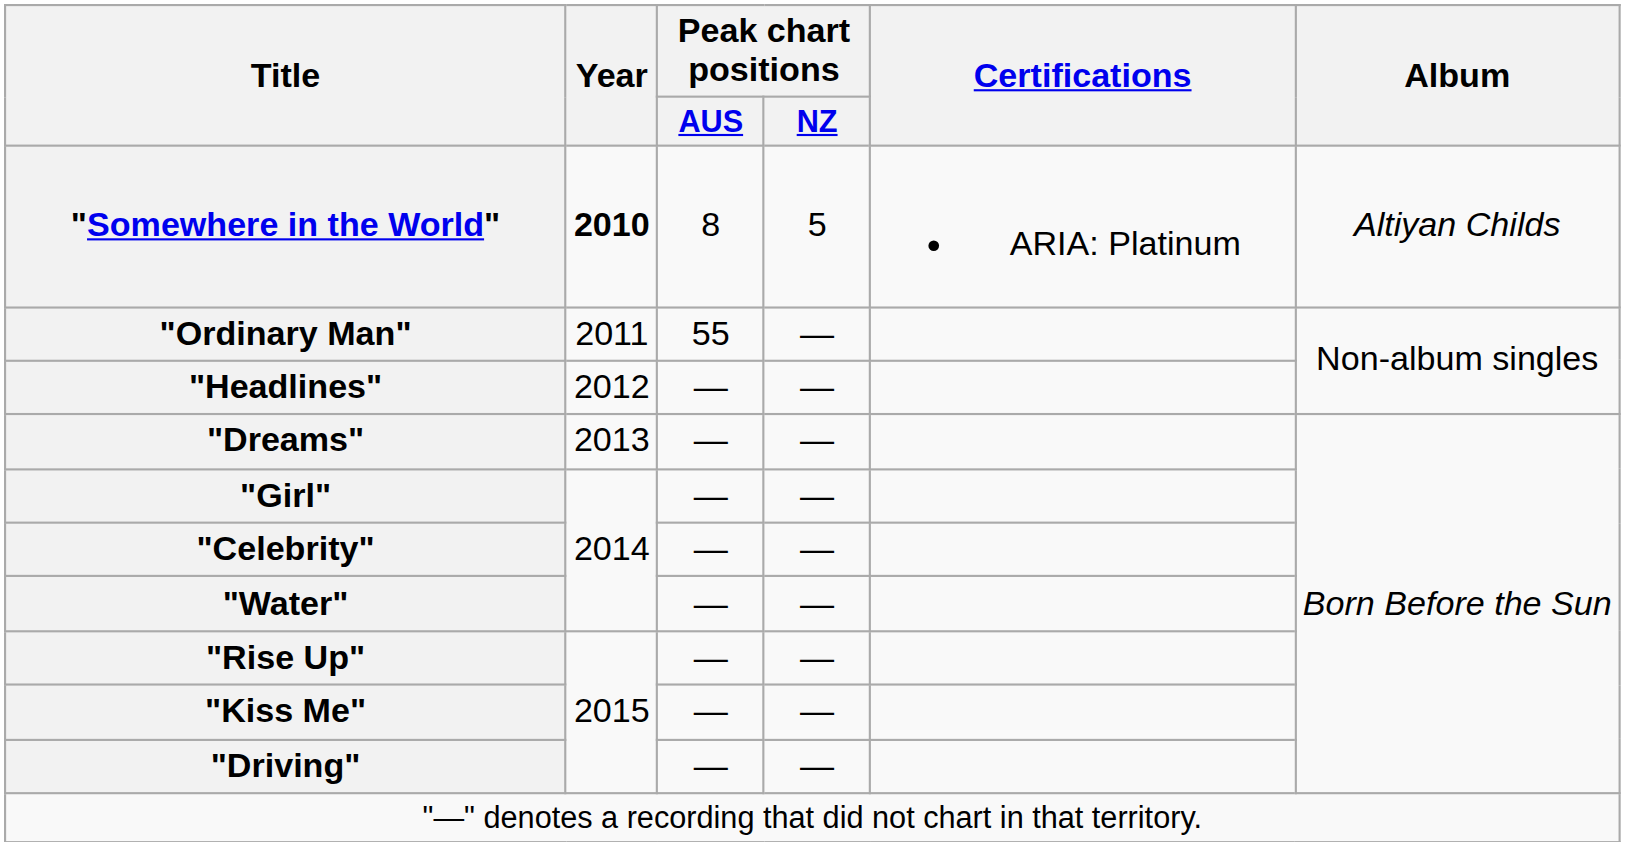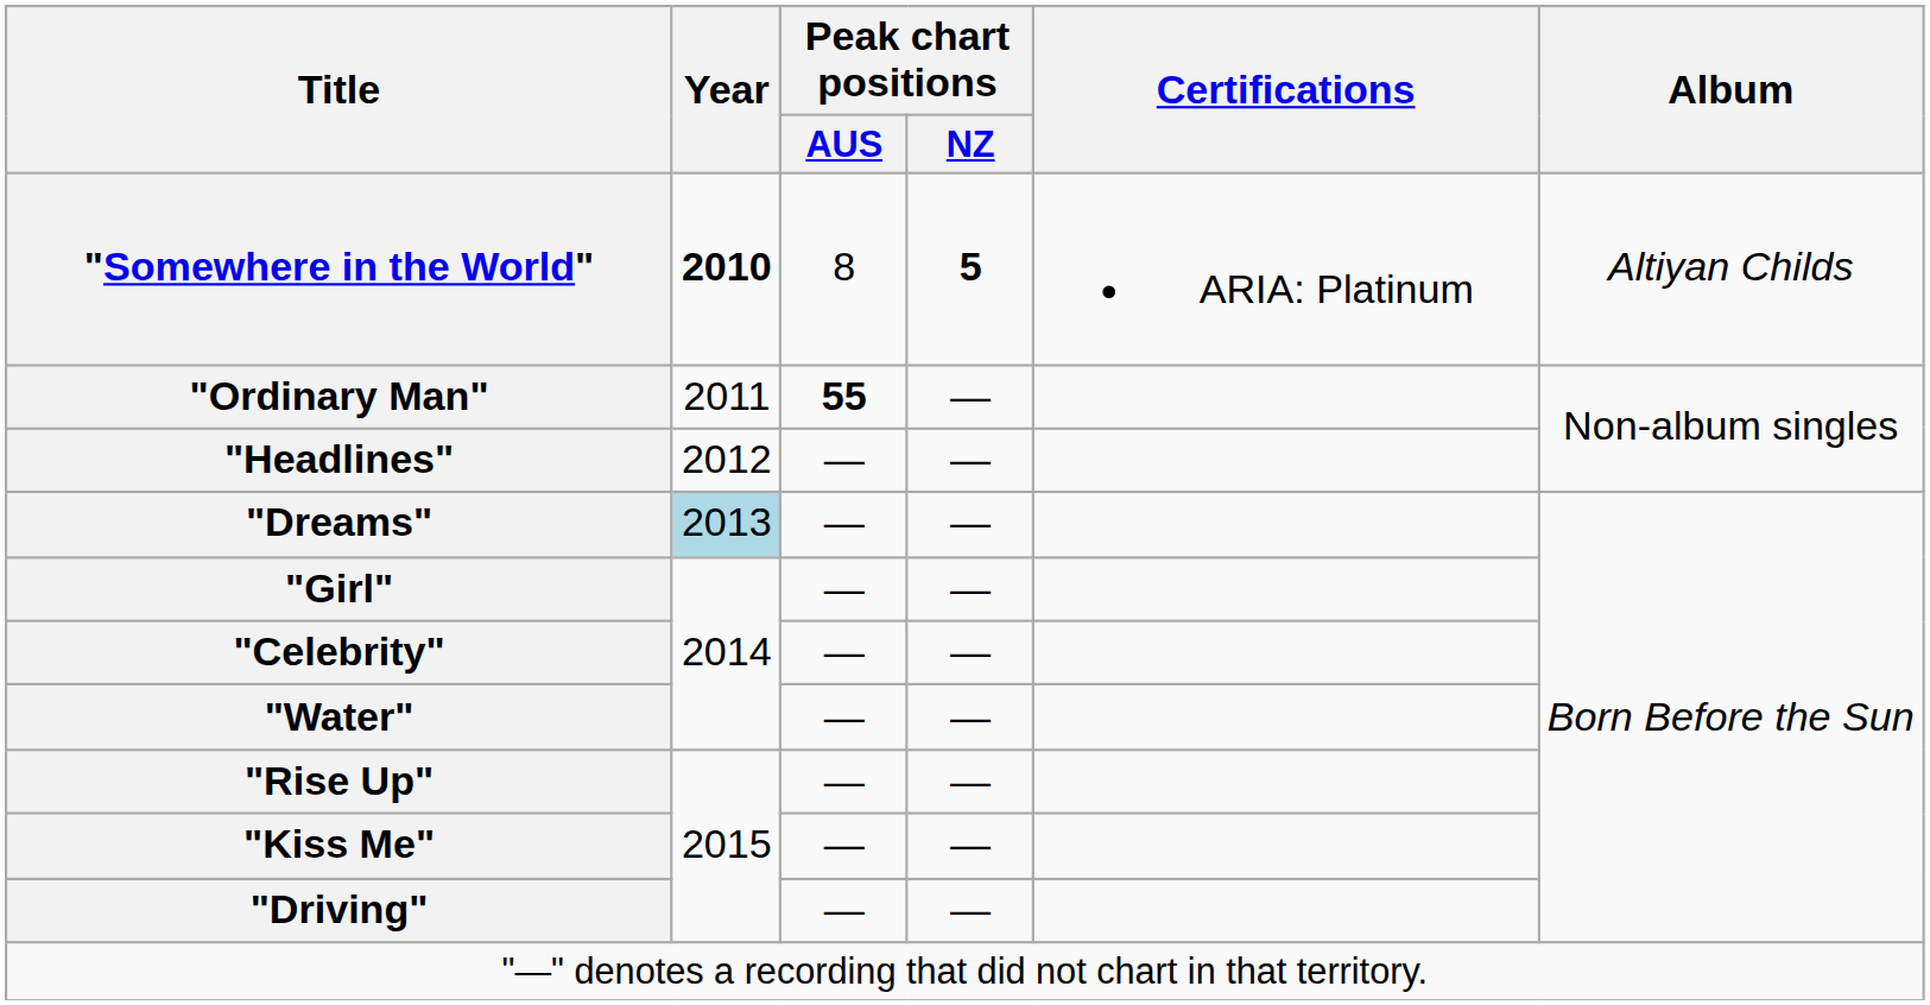 <table class="wikitable plainrowheaders" style="text-align:center;">
 <tr>
 <th scope="col" rowspan="2" style="width:16em;">Title</th>
 <th scope="col" rowspan="2">Year</th>
 <th scope="col" colspan="2">Peak chart positions</th>
 <th scope="col" rowspan="2" style="width:12em;"><a href='#'>Certifications</a></th>
 <th scope="col" rowspan="2">Album</th>
 </tr>
 <tr>
 <th scope="col" style="width:3em;font-size:90%;"><a href='#'>AUS</a><br></th>
 <th scope="col" style="width:3em;font-size:90%;"><a href='#'>NZ</a><br></th>
 </tr>
 <tr>
 <th scope="row">"<a href='#'>Somewhere in the World</a>"</th>
 <td><strong>2010</strong></td>
 <td>8</td>
-<td>5</td>
+<td><strong>5</strong></td>
 <td><br><ul><li>ARIA: Platinum</li></ul></td>
 <td><em>Altiyan Childs</em></td>
 </tr>
 <tr>
 <th scope="row">"Ordinary Man"</th>
 <td>2011</td>
-<td>55<br></td>
+<td><strong>55<br></strong></td>
 <td>—</td>
 <td></td>
 <td rowspan="2">Non-album singles</td>
 </tr>
 <tr>
 <th scope="row">"Headlines"</th>
 <td>2012</td>
 <td>—</td>
 <td>—</td>
 <td></td>
 </tr>
 <tr>
 <th scope="row">"Dreams"</th>
-<td>2013</td>
+<td style="background: lightblue;">2013</td>
 <td>—</td>
 <td>—</td>
 <td></td>
 <td rowspan="7"><em>Born Before the Sun</em></td>
 </tr>
 <tr>
 <th scope="row">"Girl"</th>
 <td rowspan="3">2014</td>
 <td>—</td>
 <td>—</td>
 <td></td>
 </tr>
 <tr>
 <th scope="row">"Celebrity"</th>
 <td>—</td>
 <td>—</td>
 <td></td>
 </tr>
 <tr>
 <th scope="row">"Water"</th>
 <td>—</td>
 <td>—</td>
 <td></td>
 </tr>
 <tr>
 <th scope="row">"Rise Up"</th>
 <td rowspan="3">2015</td>
 <td>—</td>
 <td>—</td>
 <td></td>
 </tr>
 <tr>
 <th scope="row">"Kiss Me"</th>
 <td>—</td>
 <td>—</td>
 <td></td>
 </tr>
 <tr>
 <th scope="row">"Driving"</th>
 <td>—</td>
 <td>—</td>
 <td></td>
 </tr>
 <tr>
 <td colspan="6" style="font-size:90%">"—" denotes a recording that did not chart in that territory.</td>
 </tr>
 </table>
